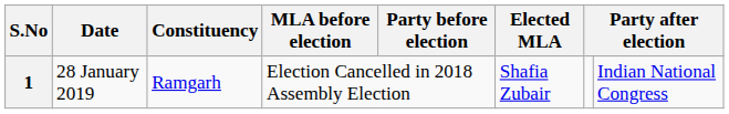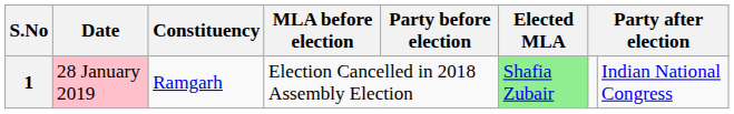 <table class="wikitable sortable">
 <tr>
 <th>S.No</th>
 <th>Date</th>
 <th>Constituency</th>
 <th>MLA before election</th>
 <th colspan="2">Party before election</th>
 <th>Elected MLA</th>
 <th colspan="2">Party after election</th>
 </tr>
 <tr>
 <th>1</th>
-<td>28 January 2019</td>
+<td style="background: pink;">28 January 2019</td>
 <td><a href='#'>Ramgarh</a></td>
 <td colspan="3">Election Cancelled in 2018 Assembly Election</td>
-<td><a href='#'>Shafia Zubair</a></td>
+<td style="background: lightgreen;"><a href='#'>Shafia Zubair</a></td>
 <td rowspan="2"></td>
 <td rowspan="2"><a href='#'>Indian National Congress</a></td>
 </tr>
 </table>
